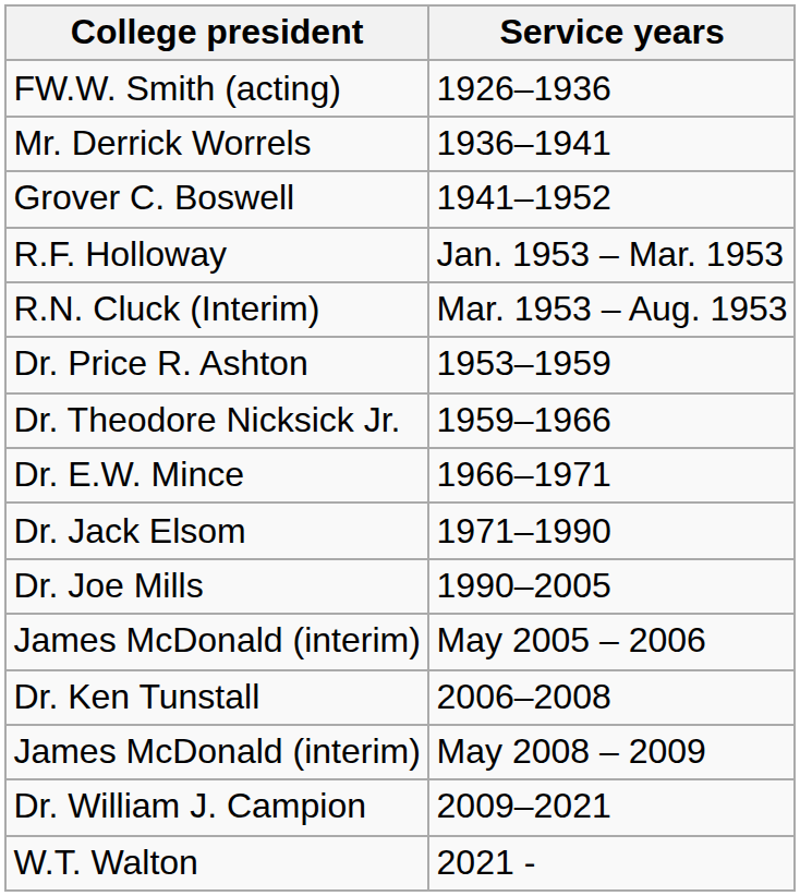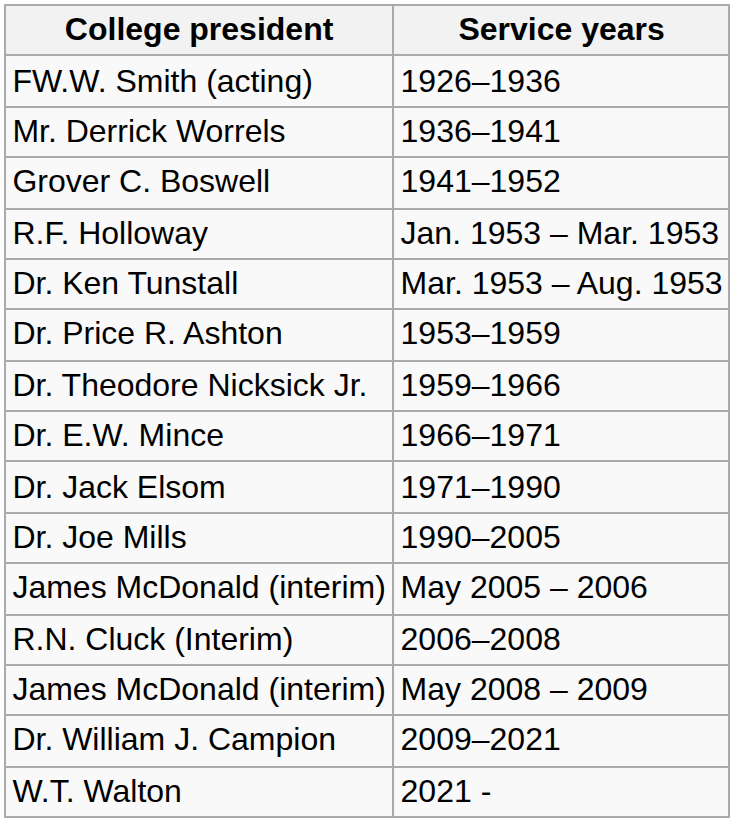 <table class="wikitable">
 <tr>
 <th>College president</th>
 <th>Service years</th>
 </tr>
 <tr>
 <td>FW.W. Smith (acting)</td>
 <td>1926–1936</td>
 </tr>
 <tr>
 <td>Mr. Derrick Worrels</td>
 <td>1936–1941</td>
 </tr>
 <tr>
 <td>Grover C. Boswell</td>
 <td>1941–1952</td>
 </tr>
 <tr>
 <td>R.F. Holloway</td>
 <td>Jan. 1953 – Mar. 1953</td>
 </tr>
 <tr>
-<td>R.N. Cluck (Interim)</td>
+<td>Dr. Ken Tunstall</td>
 <td>Mar. 1953 – Aug. 1953</td>
 </tr>
 <tr>
 <td>Dr. Price R. Ashton</td>
 <td>1953–1959</td>
 </tr>
 <tr>
 <td>Dr. Theodore Nicksick Jr.</td>
 <td>1959–1966</td>
 </tr>
 <tr>
 <td>Dr. E.W. Mince</td>
 <td>1966–1971</td>
 </tr>
 <tr>
 <td>Dr. Jack Elsom</td>
 <td>1971–1990</td>
 </tr>
 <tr>
 <td>Dr. Joe Mills</td>
 <td>1990–2005</td>
 </tr>
 <tr>
 <td>James McDonald (interim)</td>
 <td>May 2005 – 2006</td>
 </tr>
 <tr>
-<td>Dr. Ken Tunstall</td>
+<td>R.N. Cluck (Interim)</td>
 <td>2006–2008</td>
 </tr>
 <tr>
 <td>James McDonald (interim)</td>
 <td>May 2008 – 2009</td>
 </tr>
 <tr>
 <td>Dr. William J. Campion</td>
 <td>2009–2021</td>
 </tr>
 <tr>
 <td>W.T. Walton</td>
 <td>2021 -</td>
 </tr>
 </table>
